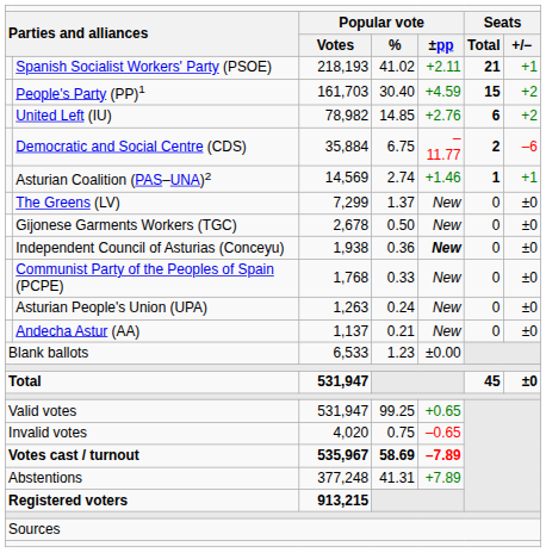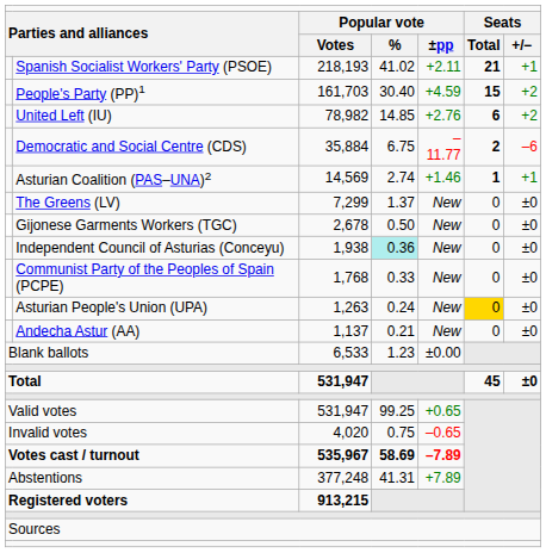 <table class="wikitable" style="text-align:right;">
 <tr>
 <td colspan="7"></td>
 </tr>
 <tr>
 <th style="text-align:left;" rowspan="2" colspan="2" width="525">Parties and alliances</th>
 <th colspan="3">Popular vote</th>
 <th colspan="2">Seats</th>
 </tr>
 <tr>
 <th width="75">Votes</th>
 <th width="45">%</th>
 <th width="45">±<a href='#'>pp</a></th>
 <th width="35">Total</th>
 <th width="35">+/−</th>
 </tr>
 <tr>
 <td width="1" style="color:inherit;background:"></td>
 <td align="left"><a href='#'>Spanish Socialist Workers' Party</a> (PSOE)</td>
 <td>218,193</td>
 <td>41.02</td>
 <td style="color:green;">+2.11</td>
 <td><strong>21</strong></td>
 <td style="color:green;">+1</td>
 </tr>
 <tr>
 <td style="color:inherit;background:"></td>
 <td align="left"><a href='#'>People's Party</a> (PP)<sup>1</sup></td>
 <td>161,703</td>
 <td>30.40</td>
 <td style="color:green;">+4.59</td>
 <td><strong>15</strong></td>
 <td style="color:green;">+2</td>
 </tr>
 <tr>
 <td style="color:inherit;background:"></td>
 <td align="left"><a href='#'>United Left</a> (IU)</td>
 <td>78,982</td>
 <td>14.85</td>
 <td style="color:green;">+2.76</td>
 <td><strong>6</strong></td>
 <td style="color:green;">+2</td>
 </tr>
 <tr>
 <td style="color:inherit;background:"></td>
 <td align="left"><a href='#'>Democratic and Social Centre</a> (CDS)</td>
 <td>35,884</td>
 <td>6.75</td>
 <td style="color:red;">–11.77</td>
 <td><strong>2</strong></td>
 <td style="color:red;">–6</td>
 </tr>
 <tr>
 <td style="color:inherit;background:"></td>
 <td align="left">Asturian Coalition (<a href='#'>PAS</a>–<a href='#'>UNA</a>)<sup>2</sup></td>
 <td>14,569</td>
 <td>2.74</td>
 <td style="color:green;">+1.46</td>
 <td><strong>1</strong></td>
 <td style="color:green;">+1</td>
 </tr>
 <tr>
 <td style="color:inherit;background:"></td>
 <td align="left"><a href='#'>The Greens</a> (LV)</td>
 <td>7,299</td>
 <td>1.37</td>
 <td><em>New</em></td>
 <td>0</td>
 <td>±0</td>
 </tr>
 <tr>
 <td bgcolor="white"></td>
 <td align="left">Gijonese Garments Workers (TGC)</td>
 <td>2,678</td>
 <td>0.50</td>
 <td><em>New</em></td>
 <td>0</td>
 <td>±0</td>
 </tr>
 <tr>
 <td style="color:inherit;background:"></td>
 <td align="left">Independent Council of Asturias (Conceyu)</td>
 <td>1,938</td>
-<td>0.36</td>
-<td><strong><em>New</em></strong></td>
+<td style="background: paleturquoise;">0.36</td>
+<td><em>New</em></td>
 <td>0</td>
 <td>±0</td>
 </tr>
 <tr>
 <td style="color:inherit;background:"></td>
 <td align="left"><a href='#'>Communist Party of the Peoples of Spain</a> (PCPE)</td>
 <td>1,768</td>
 <td>0.33</td>
 <td><em>New</em></td>
 <td>0</td>
 <td>±0</td>
 </tr>
 <tr>
 <td bgcolor="white"></td>
 <td align="left">Asturian People's Union (UPA)</td>
 <td>1,263</td>
 <td>0.24</td>
 <td><em>New</em></td>
-<td>0</td>
+<td style="background: gold;">0</td>
 <td>±0</td>
 </tr>
 <tr>
 <td style="color:inherit;background:"></td>
 <td align="left"><a href='#'>Andecha Astur</a> (AA)</td>
 <td>1,137</td>
 <td>0.21</td>
 <td><em>New</em></td>
 <td>0</td>
 <td>±0</td>
 </tr>
 <tr>
 <td align="left" colspan="2">Blank ballots</td>
 <td>6,533</td>
 <td>1.23</td>
 <td>±0.00</td>
 <td bgcolor="#E9E9E9" colspan="2"></td>
 </tr>
 <tr>
 <td colspan="7" bgcolor="#E9E9E9"></td>
 </tr>
 <tr style="font-weight:bold;">
 <td align="left" colspan="2">Total</td>
 <td>531,947</td>
 <td bgcolor="#E9E9E9" colspan="2"></td>
 <td>45</td>
 <td>±0</td>
 </tr>
 <tr>
 <td colspan="7" bgcolor="#E9E9E9"></td>
 </tr>
 <tr>
 <td align="left" colspan="2">Valid votes</td>
 <td>531,947</td>
 <td>99.25</td>
 <td style="color:green;">+0.65</td>
 <td bgcolor="#E9E9E9" colspan="2" rowspan="5"></td>
 </tr>
 <tr>
 <td align="left" colspan="2">Invalid votes</td>
 <td>4,020</td>
 <td>0.75</td>
 <td style="color:red;">–0.65</td>
 </tr>
 <tr style="font-weight:bold;">
 <td align="left" colspan="2">Votes cast / turnout</td>
 <td>535,967</td>
 <td>58.69</td>
 <td style="color:red;">–7.89</td>
 </tr>
 <tr>
 <td align="left" colspan="2">Abstentions</td>
 <td>377,248</td>
 <td>41.31</td>
 <td style="color:green;">+7.89</td>
 </tr>
 <tr style="font-weight:bold;">
 <td align="left" colspan="2">Registered voters</td>
 <td>913,215</td>
 <td bgcolor="#E9E9E9" colspan="2"></td>
 </tr>
 <tr>
 <td colspan="7" bgcolor="#E9E9E9"></td>
 </tr>
 <tr>
 <td align="left" colspan="7">Sources</td>
 </tr>
 <tr>
 <td colspan="7" style="text-align:left; max-width:790px;"></td>
 </tr>
 </table>
